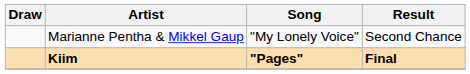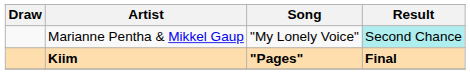 <table class="sortable wikitable" style="margin: 1em auto 1em auto;">
 <tr>
 <th scope="col">Draw</th>
 <th scope="col">Artist</th>
 <th scope="col">Song</th>
 <th scope="col">Result</th>
 </tr>
 <tr>
 <td></td>
 <td>Marianne Pentha & <a href='#'>Mikkel Gaup</a></td>
 <td>"My Lonely Voice"</td>
-<td>Second Chance</td>
+<td style="background: paleturquoise;">Second Chance</td>
 </tr>
 <tr style="background: navajowhite; font-weight: bold;">
 <td></td>
 <td>Kiim</td>
 <td>"Pages"</td>
 <td>Final</td>
 </tr>
 <tr>
 </tr>
 </table>
